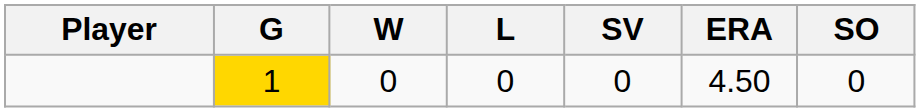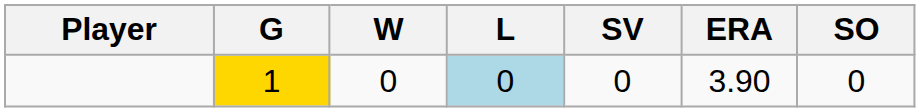 <table class="wikitable sortable">
 <tr>
 <th bgcolor="#DDDDFF" width="16%">Player</th>
 <th bgcolor="#DDDDFF" width="9%">G</th>
 <th bgcolor="#DDDDFF" width="9%">W</th>
 <th bgcolor="#DDDDFF" width="9%">L</th>
 <th bgcolor="#DDDDFF" width="9%">SV</th>
 <th bgcolor="#DDDDFF" width="9%">ERA</th>
 <th bgcolor="#DDDDFF" width="9%">SO</th>
 </tr>
 <tr align="center">
 <td></td>
 <td style="background: gold;">1</td>
 <td>0</td>
+<td style="background: lightblue;">0</td>
 <td>0</td>
-<td>0</td>
-<td>4.50</td>
+<td>3.90</td>
 <td>0</td>
 </tr>
 </table>
